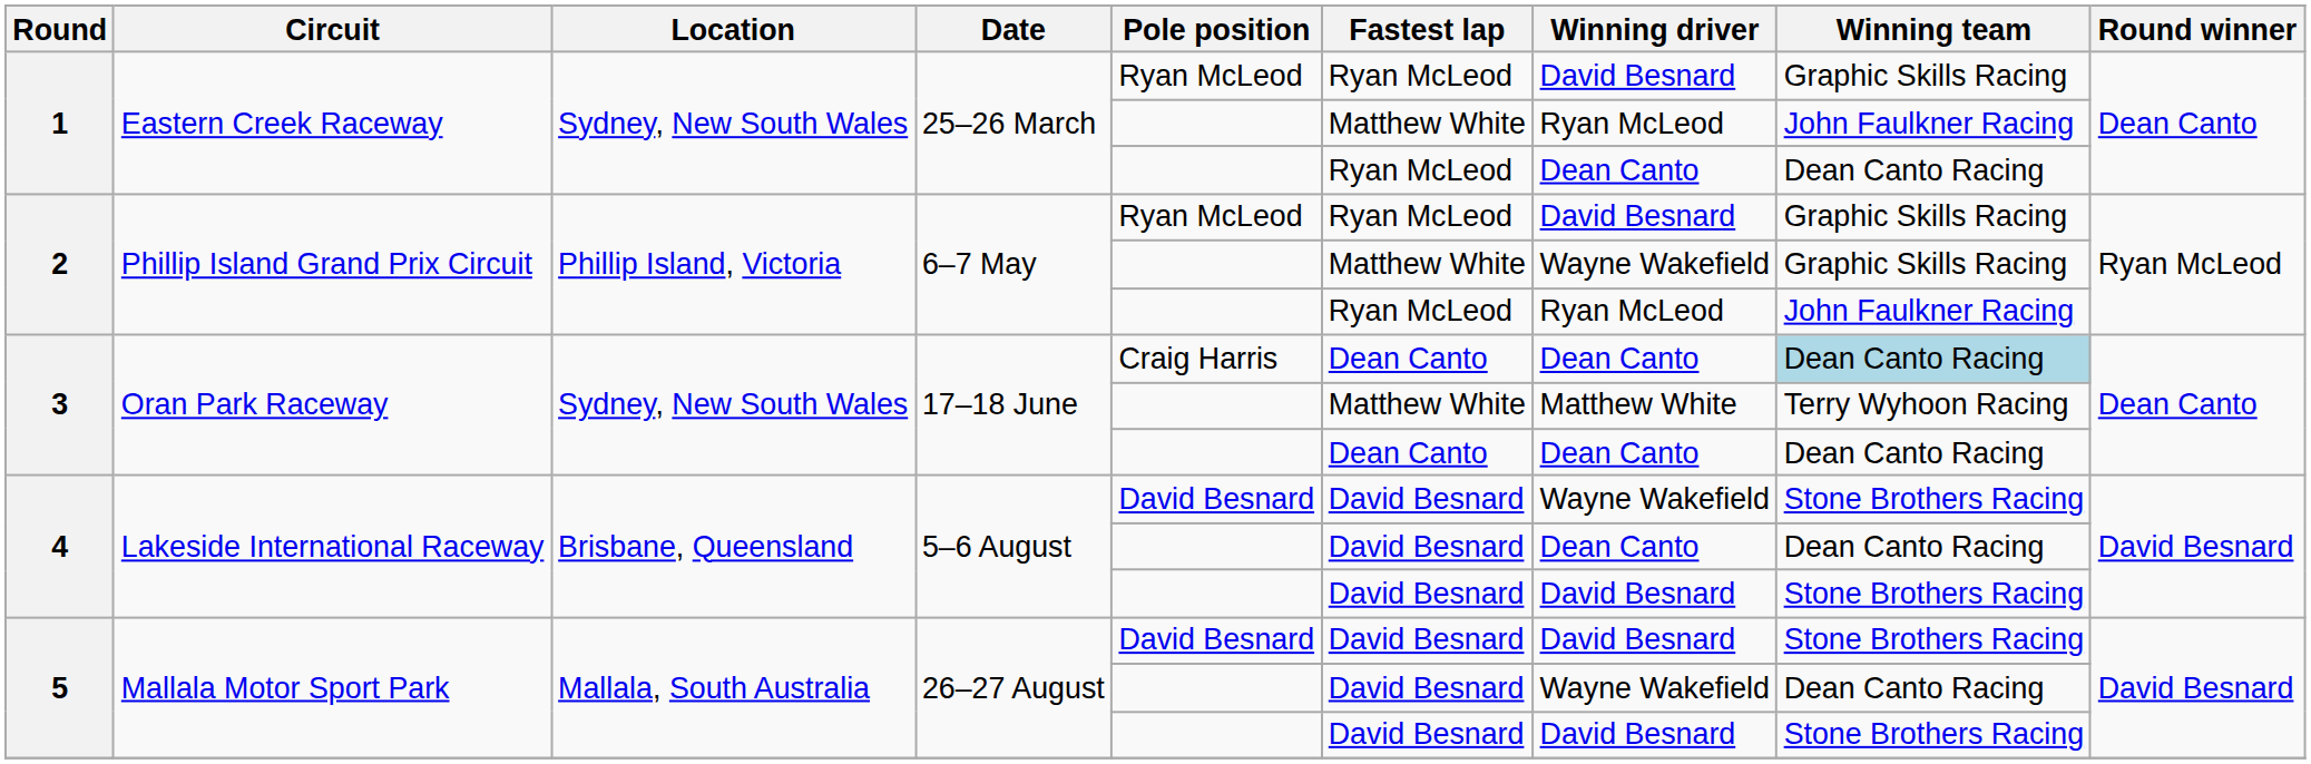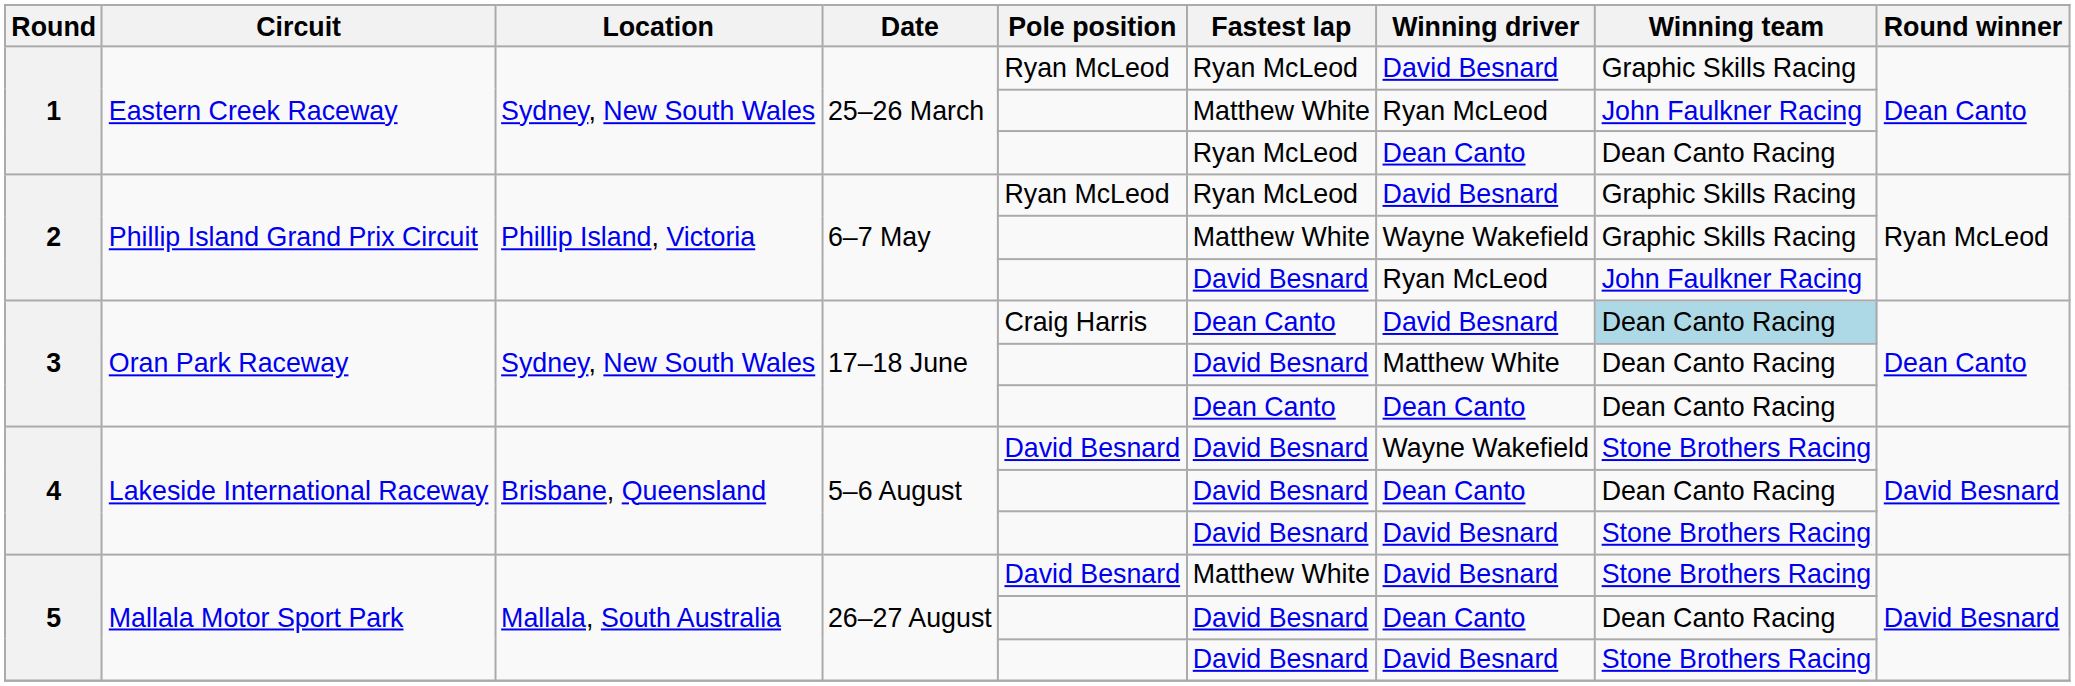 <table class="wikitable" style="font-size: 85%;">
 <tr>
 <th>Round</th>
 <th>Circuit</th>
 <th>Location</th>
 <th>Date</th>
 <th>Pole position</th>
 <th>Fastest lap</th>
 <th>Winning driver</th>
 <th>Winning team</th>
 <th>Round winner</th>
 </tr>
 <tr>
 <th rowspan=3>1</th>
 <td rowspan=3> <a href='#'>Eastern Creek Raceway</a></td>
 <td rowspan=3><a href='#'>Sydney</a>, <a href='#'>New South Wales</a></td>
 <td rowspan=3>25–26 March</td>
 <td> Ryan McLeod</td>
 <td> Ryan McLeod</td>
 <td> <a href='#'>David Besnard</a></td>
 <td>Graphic Skills Racing</td>
 <td rowspan=3> <a href='#'>Dean Canto</a></td>
 </tr>
 <tr>
 <td></td>
 <td> Matthew White</td>
 <td> Ryan McLeod</td>
 <td><a href='#'>John Faulkner Racing</a></td>
 </tr>
 <tr>
 <td></td>
 <td> Ryan McLeod</td>
 <td> <a href='#'>Dean Canto</a></td>
 <td>Dean Canto Racing</td>
 </tr>
 <tr>
 <th rowspan=3>2</th>
 <td rowspan=3> <a href='#'>Phillip Island Grand Prix Circuit</a></td>
 <td rowspan=3><a href='#'>Phillip Island</a>, <a href='#'>Victoria</a></td>
 <td rowspan=3>6–7 May</td>
 <td> Ryan McLeod</td>
 <td> Ryan McLeod</td>
 <td> <a href='#'>David Besnard</a></td>
 <td>Graphic Skills Racing</td>
 <td rowspan=3> Ryan McLeod</td>
 </tr>
 <tr>
 <td></td>
 <td> Matthew White</td>
 <td> Wayne Wakefield</td>
 <td>Graphic Skills Racing</td>
 </tr>
 <tr>
 <td></td>
-<td> Ryan McLeod</td>
+<td> <a href='#'>David Besnard</a></td>
 <td> Ryan McLeod</td>
 <td><a href='#'>John Faulkner Racing</a></td>
 </tr>
 <tr>
 <th rowspan=3>3</th>
 <td rowspan=3> <a href='#'>Oran Park Raceway</a></td>
 <td rowspan=3><a href='#'>Sydney</a>, <a href='#'>New South Wales</a></td>
 <td rowspan=3>17–18 June</td>
 <td> Craig Harris</td>
 <td> <a href='#'>Dean Canto</a></td>
-<td> <a href='#'>Dean Canto</a></td>
+<td> <a href='#'>David Besnard</a></td>
 <td style="background: lightblue;">Dean Canto Racing</td>
 <td rowspan=3> <a href='#'>Dean Canto</a></td>
 </tr>
 <tr>
 <td></td>
+<td> <a href='#'>David Besnard</a></td>
 <td> Matthew White</td>
-<td> Matthew White</td>
-<td>Terry Wyhoon Racing</td>
+<td>Dean Canto Racing</td>
 </tr>
 <tr>
 <td></td>
 <td> <a href='#'>Dean Canto</a></td>
 <td> <a href='#'>Dean Canto</a></td>
 <td>Dean Canto Racing</td>
 </tr>
 <tr>
 <th rowspan=3>4</th>
 <td rowspan=3> <a href='#'>Lakeside International Raceway</a></td>
 <td rowspan=3><a href='#'>Brisbane</a>, <a href='#'>Queensland</a></td>
 <td rowspan=3>5–6 August</td>
 <td> <a href='#'>David Besnard</a></td>
 <td> <a href='#'>David Besnard</a></td>
 <td> Wayne Wakefield</td>
 <td><a href='#'>Stone Brothers Racing</a></td>
 <td rowspan=3> <a href='#'>David Besnard</a></td>
 </tr>
 <tr>
 <td></td>
 <td> <a href='#'>David Besnard</a></td>
 <td> <a href='#'>Dean Canto</a></td>
 <td>Dean Canto Racing</td>
 </tr>
 <tr>
 <td></td>
 <td> <a href='#'>David Besnard</a></td>
 <td> <a href='#'>David Besnard</a></td>
 <td><a href='#'>Stone Brothers Racing</a></td>
 </tr>
 <tr>
 <th rowspan=3>5</th>
 <td rowspan=3> <a href='#'>Mallala Motor Sport Park</a></td>
 <td rowspan=3><a href='#'>Mallala</a>, <a href='#'>South Australia</a></td>
 <td rowspan=3>26–27 August</td>
 <td> <a href='#'>David Besnard</a></td>
-<td> <a href='#'>David Besnard</a></td>
+<td> Matthew White</td>
 <td> <a href='#'>David Besnard</a></td>
 <td><a href='#'>Stone Brothers Racing</a></td>
 <td rowspan=3> <a href='#'>David Besnard</a></td>
 </tr>
 <tr>
 <td></td>
 <td> <a href='#'>David Besnard</a></td>
-<td> Wayne Wakefield</td>
+<td> <a href='#'>Dean Canto</a></td>
 <td>Dean Canto Racing</td>
 </tr>
 <tr>
 <td></td>
 <td> <a href='#'>David Besnard</a></td>
 <td> <a href='#'>David Besnard</a></td>
 <td><a href='#'>Stone Brothers Racing</a></td>
 </tr>
 <tr>
 </tr>
 </table>
